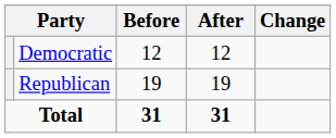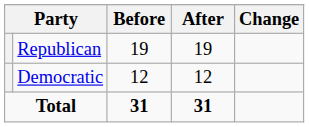 <table class="wikitable" style="text-align:center;">
 <tr>
 </tr>
 <tr>
 <th colspan=2>Party</th>
 <th style="width:3em">Before</th>
 <th style="width:3em">After</th>
 <th style="width:3em">Change</th>
 </tr>
 <tr>
 <th style="background-color:"></th>
-<td style="text-align:left;"><a href='#'>Democratic</a></td>
-<td>12</td>
-<td>12</td>
+<td style="text-align:left;"><a href='#'>Republican</a></td>
+<td>19</td>
+<td>19</td>
 <td></td>
 </tr>
 <tr>
 <th style="background-color:"></th>
-<td style="text-align:left;"><a href='#'>Republican</a></td>
-<td>19</td>
-<td>19</td>
+<td style="text-align:left;"><a href='#'>Democratic</a></td>
+<td>12</td>
+<td>12</td>
 <td></td>
 </tr>
 <tr>
 <td colspan=2><strong>Total</strong></td>
 <td><strong>31</strong></td>
 <td><strong>31</strong></td>
 </tr>
 </table>
